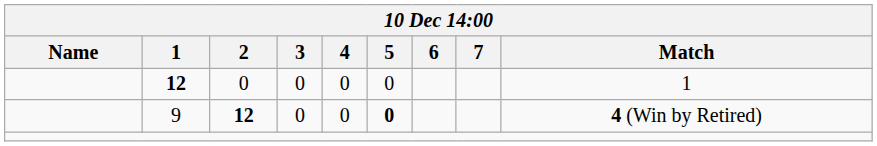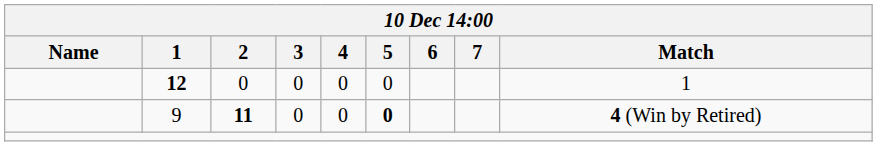 <table class=wikitable style="text-align:center; width: 55%">
 <tr>
 <th colspan=17><em> 10 Dec 14:00</em></th>
 </tr>
 <tr>
 <th>Name</th>
 <th>1</th>
 <th>2</th>
 <th>3</th>
 <th>4</th>
 <th>5</th>
 <th>6</th>
 <th>7</th>
 <th>Match</th>
 </tr>
 <tr>
 <td style="text-align:left;"></td>
 <td><strong>12</strong></td>
 <td>0</td>
 <td>0</td>
 <td>0</td>
 <td>0</td>
 <td></td>
 <td></td>
 <td>1</td>
 </tr>
 <tr>
 <td style="text-align:left;"><strong></strong></td>
 <td>9</td>
-<td><strong>12</strong></td>
+<td><strong>11</strong></td>
 <td>0</td>
 <td>0</td>
 <td><strong>0</strong></td>
 <td></td>
 <td></td>
 <td><strong>4</strong> (Win by Retired)</td>
 </tr>
 <tr>
 <td colspan=17></td>
 </tr>
 </table>
